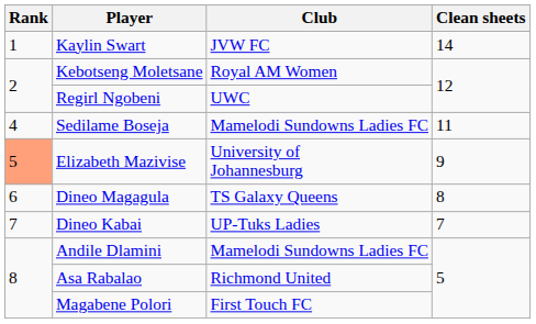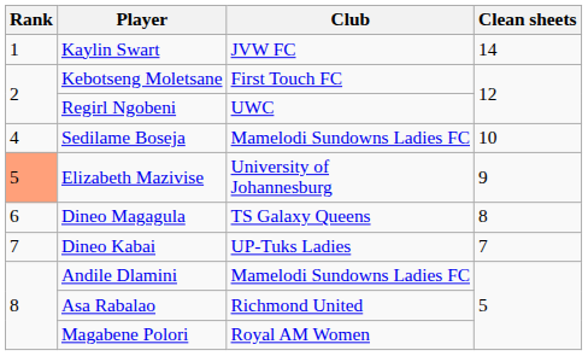 <table class="wikitable" style="text- align:center">
 <tr>
 <th>Rank</th>
 <th>Player</th>
 <th>Club</th>
 <th>Clean sheets</th>
 </tr>
 <tr>
 <td rowspan=1>1</td>
 <td align="Left"><a href='#'>Kaylin Swart</a></td>
 <td align="Left"><a href='#'>JVW FC</a></td>
 <td rowspan=1>14</td>
 </tr>
 <tr>
 <td rowspan=2>2</td>
 <td align="Left"><a href='#'>Kebotseng Moletsane</a></td>
-<td align="Left"><a href='#'>Royal AM Women</a></td>
+<td align="Left"><a href='#'>First Touch FC</a></td>
 <td rowspan=2>12</td>
 </tr>
 <tr>
 <td align="Left"><a href='#'>Regirl Ngobeni</a></td>
 <td align="Left"><a href='#'>UWC</a></td>
 </tr>
 <tr>
 <td rowspan=1>4</td>
 <td align="Left"><a href='#'>Sedilame Boseja</a></td>
 <td align="Left"><a href='#'>Mamelodi Sundowns Ladies FC</a></td>
-<td rowspan=1>11</td>
+<td rowspan=1>10</td>
 </tr>
 <tr>
 <td rowspan=1 style="background: lightsalmon;">5</td>
 <td align="Left"> <a href='#'>Elizabeth Mazivise</a></td>
 <td align="Left"><a href='#'>University of<br>Johannesburg</a></td>
 <td rowspan=1>9</td>
 </tr>
 <tr>
 <td rowspan=1>6</td>
 <td align="Left"><a href='#'>Dineo Magagula</a></td>
 <td align="Left"><a href='#'>TS Galaxy Queens</a></td>
 <td rowspan=1>8</td>
 </tr>
 <tr>
 <td rowspan=1>7</td>
 <td align="Left"><a href='#'>Dineo Kabai</a></td>
 <td align="Left"><a href='#'>UP-Tuks Ladies</a></td>
 <td rowspan=1>7</td>
 </tr>
 <tr>
 <td rowspan=3>8</td>
 <td align="Left"><a href='#'>Andile Dlamini</a></td>
 <td align="Left"><a href='#'>Mamelodi Sundowns Ladies FC</a></td>
 <td rowspan=8>5</td>
 </tr>
 <tr>
 <td align="Left"> <a href='#'>Asa Rabalao</a></td>
 <td align="Left"><a href='#'>Richmond United</a></td>
 </tr>
 <tr>
 <td align="Left"> <a href='#'>Magabene Polori</a></td>
-<td align="Left"><a href='#'>First Touch FC</a></td>
+<td align="Left"><a href='#'>Royal AM Women</a></td>
 </tr>
 </table>
